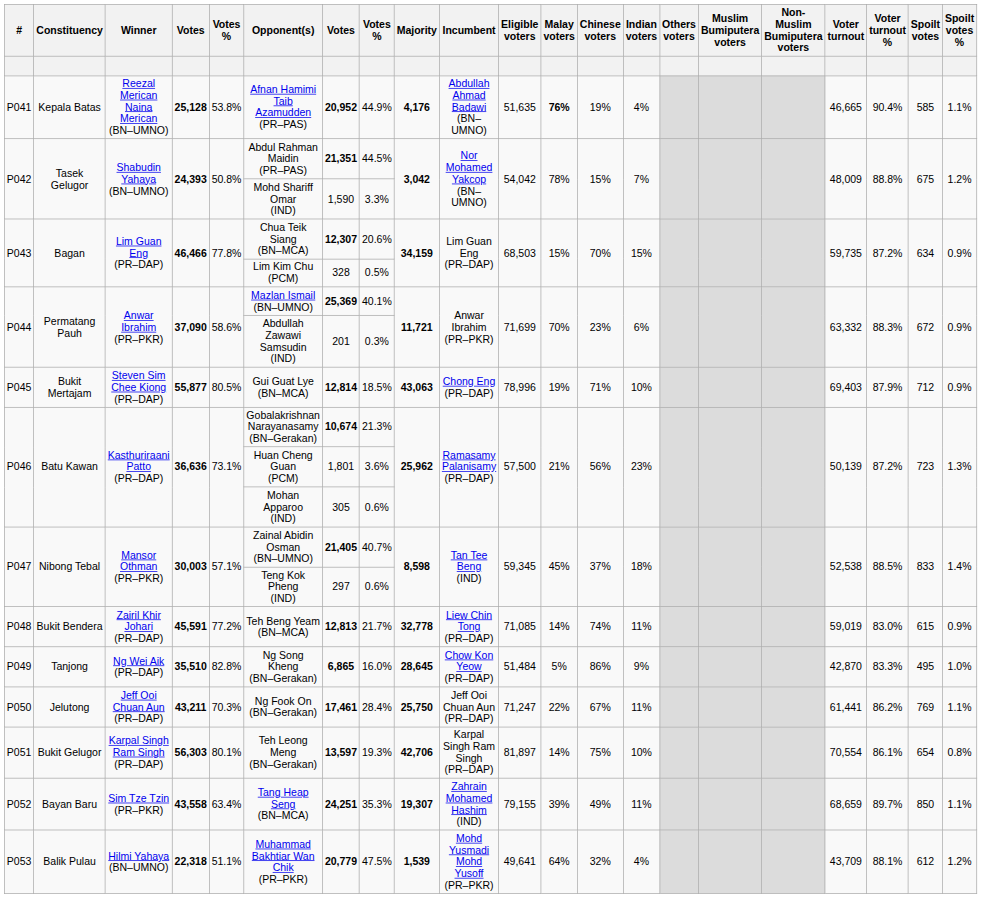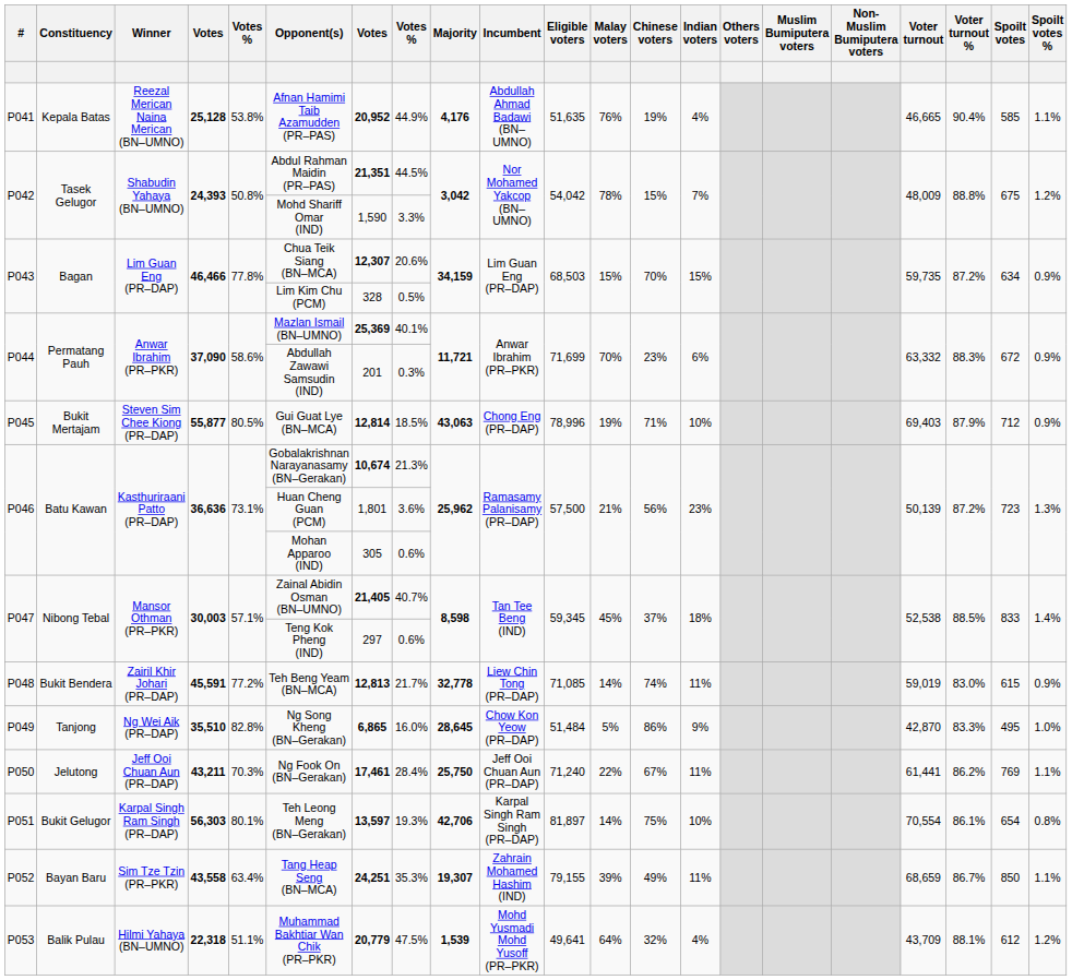 <table class="wikitable sortable" style="text-align:center; font-size:90%">
 <tr>
 <th width="30">#</th>
 <th width="60">Constituency</th>
 <th width="150">Winner</th>
 <th width="50">Votes</th>
 <th width="50">Votes %</th>
 <th width="150">Opponent(s)</th>
 <th width="50">Votes</th>
 <th width="50">Votes %</th>
 <th width="50">Majority</th>
 <th width="150">Incumbent</th>
 <th width="50">Eligible voters</th>
 <th width="50">Malay voters</th>
 <th width="50">Chinese voters</th>
 <th width="50">Indian voters</th>
 <th width="50">Others voters</th>
 <th width="50">Muslim Bumiputera voters</th>
 <th width="50">Non-Muslim Bumiputera voters</th>
 <th width="50">Voter turnout</th>
 <th width="50">Voter turnout %</th>
 <th width="50">Spoilt votes</th>
 <th width="50">Spoilt votes %</th>
 </tr>
 <tr>
 <th height="20"></th>
 <th></th>
 <th></th>
 <th></th>
 <th></th>
 <th></th>
 <th></th>
 <th></th>
 <th></th>
 <th></th>
 <th></th>
 <th></th>
 <th></th>
 <th></th>
 <th></th>
 <th></th>
 <th></th>
 <th></th>
 <th></th>
 <th></th>
 <th></th>
 </tr>
 <tr>
 <td>P041</td>
 <td>Kepala Batas</td>
 <td><a href='#'>Reezal Merican Naina Merican</a><br>(BN–UMNO)</td>
 <td><strong>25,128</strong></td>
 <td>53.8%</td>
 <td><a href='#'>Afnan Hamimi Taib Azamudden</a><br>(PR–PAS)</td>
 <td><strong>20,952</strong></td>
 <td>44.9%</td>
 <td><strong>4,176</strong></td>
 <td><a href='#'>Abdullah Ahmad Badawi</a><br>(BN–UMNO)</td>
 <td>51,635</td>
-<td><strong>76%</strong></td>
+<td>76%</td>
 <td>19%</td>
 <td>4%</td>
 <td bgcolor="dcdcdc"></td>
 <td bgcolor="dcdcdc"></td>
 <td bgcolor="dcdcdc"></td>
 <td>46,665</td>
 <td>90.4%</td>
 <td>585</td>
 <td>1.1%</td>
 </tr>
 <tr>
 <td rowspan="2">P042</td>
 <td rowspan="2">Tasek Gelugor</td>
 <td rowspan="2"><a href='#'>Shabudin Yahaya</a><br>(BN–UMNO)</td>
 <td rowspan="2"><strong>24,393</strong></td>
 <td rowspan="2">50.8%</td>
 <td>Abdul Rahman Maidin<br>(PR–PAS)</td>
 <td><strong>21,351</strong></td>
 <td>44.5%</td>
 <td rowspan="2"><strong>3,042</strong></td>
 <td rowspan="2"><a href='#'>Nor Mohamed Yakcop</a><br>(BN–UMNO)</td>
 <td rowspan="2">54,042</td>
 <td rowspan="2">78%</td>
 <td rowspan="2">15%</td>
 <td rowspan="2">7%</td>
 <td rowspan="2" bgcolor="dcdcdc"></td>
 <td rowspan="2" bgcolor="dcdcdc"></td>
 <td rowspan="2" bgcolor="dcdcdc"></td>
 <td rowspan="2">48,009</td>
 <td rowspan="2">88.8%</td>
 <td rowspan="2">675</td>
 <td rowspan="2">1.2%</td>
 </tr>
 <tr>
 <td>Mohd Shariff Omar<br>(IND)</td>
 <td>1,590</td>
 <td>3.3%</td>
 </tr>
 <tr>
 <td rowspan="2">P043</td>
 <td rowspan="2">Bagan</td>
 <td rowspan="2"><a href='#'>Lim Guan Eng</a><br>(PR–DAP)</td>
 <td rowspan="2"><strong>46,466</strong></td>
 <td rowspan="2">77.8%</td>
 <td>Chua Teik Siang<br>(BN–MCA)</td>
 <td><strong>12,307</strong></td>
 <td>20.6%</td>
 <td rowspan="2"><strong>34,159</strong></td>
 <td rowspan="2">Lim Guan Eng<br>(PR–DAP)</td>
 <td rowspan="2">68,503</td>
 <td rowspan="2">15%</td>
 <td rowspan="2">70%</td>
 <td rowspan="2">15%</td>
 <td rowspan="2" bgcolor="dcdcdc"></td>
 <td rowspan="2" bgcolor="dcdcdc"></td>
 <td rowspan="2" bgcolor="dcdcdc"></td>
 <td rowspan="2">59,735</td>
 <td rowspan="2">87.2%</td>
 <td rowspan="2">634</td>
 <td rowspan="2">0.9%</td>
 </tr>
 <tr>
 <td>Lim Kim Chu<br>(PCM)</td>
 <td>328</td>
 <td>0.5%</td>
 </tr>
 <tr>
 <td rowspan="2">P044</td>
 <td rowspan="2">Permatang Pauh</td>
 <td rowspan="2"><a href='#'>Anwar Ibrahim</a><br>(PR–PKR)</td>
 <td rowspan="2"><strong>37,090</strong></td>
 <td rowspan="2">58.6%</td>
 <td><a href='#'>Mazlan Ismail</a><br>(BN–UMNO)</td>
 <td><strong>25,369</strong></td>
 <td>40.1%</td>
 <td rowspan="2"><strong>11,721</strong></td>
 <td rowspan="2">Anwar Ibrahim<br>(PR–PKR)</td>
 <td rowspan="2">71,699</td>
 <td rowspan="2">70%</td>
 <td rowspan="2">23%</td>
 <td rowspan="2">6%</td>
 <td rowspan="2" bgcolor="dcdcdc"></td>
 <td rowspan="2" bgcolor="dcdcdc"></td>
 <td rowspan="2" bgcolor="dcdcdc"></td>
 <td rowspan="2">63,332</td>
 <td rowspan="2">88.3%</td>
 <td rowspan="2">672</td>
 <td rowspan="2">0.9%</td>
 </tr>
 <tr>
 <td>Abdullah Zawawi Samsudin<br>(IND)</td>
 <td>201</td>
 <td>0.3%</td>
 </tr>
 <tr>
 <td>P045</td>
 <td>Bukit Mertajam</td>
 <td><a href='#'>Steven Sim Chee Kiong</a><br>(PR–DAP)</td>
 <td><strong>55,877</strong></td>
 <td>80.5%</td>
 <td>Gui Guat Lye<br>(BN–MCA)</td>
 <td><strong>12,814</strong></td>
 <td>18.5%</td>
 <td><strong>43,063</strong></td>
 <td><a href='#'>Chong Eng</a><br>(PR–DAP)</td>
 <td>78,996</td>
 <td>19%</td>
 <td>71%</td>
 <td>10%</td>
 <td bgcolor="dcdcdc"></td>
 <td bgcolor="dcdcdc"></td>
 <td bgcolor="dcdcdc"></td>
 <td>69,403</td>
 <td>87.9%</td>
 <td>712</td>
 <td>0.9%</td>
 </tr>
 <tr>
 <td rowspan="3">P046</td>
 <td rowspan="3">Batu Kawan</td>
 <td rowspan="3"><a href='#'>Kasthuriraani Patto</a><br>(PR–DAP)</td>
 <td rowspan="3"><strong>36,636</strong></td>
 <td rowspan="3">73.1%</td>
 <td>Gobalakrishnan Narayanasamy<br>(BN–Gerakan)</td>
 <td><strong>10,674</strong></td>
 <td>21.3%</td>
 <td rowspan="3"><strong>25,962</strong></td>
 <td rowspan="3"><a href='#'>Ramasamy Palanisamy</a><br>(PR–DAP)</td>
 <td rowspan="3">57,500</td>
 <td rowspan="3">21%</td>
 <td rowspan="3">56%</td>
 <td rowspan="3">23%</td>
 <td rowspan="3" bgcolor="dcdcdc"></td>
 <td rowspan="3" bgcolor="dcdcdc"></td>
 <td rowspan="3" bgcolor="dcdcdc"></td>
 <td rowspan="3">50,139</td>
 <td rowspan="3">87.2%</td>
 <td rowspan="3">723</td>
 <td rowspan="3">1.3%</td>
 </tr>
 <tr>
 <td>Huan Cheng Guan<br>(PCM)</td>
 <td>1,801</td>
 <td>3.6%</td>
 </tr>
 <tr>
 <td>Mohan Apparoo<br>(IND)</td>
 <td>305</td>
 <td>0.6%</td>
 </tr>
 <tr>
 <td rowspan="2">P047</td>
 <td rowspan="2">Nibong Tebal</td>
 <td rowspan="2"><a href='#'>Mansor Othman</a><br>(PR–PKR)</td>
 <td rowspan="2"><strong>30,003</strong></td>
 <td rowspan="2">57.1%</td>
 <td>Zainal Abidin Osman<br>(BN–UMNO)</td>
 <td><strong>21,405</strong></td>
 <td>40.7%</td>
 <td rowspan="2"><strong>8,598</strong></td>
 <td rowspan="2"><a href='#'>Tan Tee Beng</a><br>(IND)</td>
 <td rowspan="2">59,345</td>
 <td rowspan="2">45%</td>
 <td rowspan="2">37%</td>
 <td rowspan="2">18%</td>
 <td rowspan="2" bgcolor="dcdcdc"></td>
 <td rowspan="2" bgcolor="dcdcdc"></td>
 <td rowspan="2" bgcolor="dcdcdc"></td>
 <td rowspan="2">52,538</td>
 <td rowspan="2">88.5%</td>
 <td rowspan="2">833</td>
 <td rowspan="2">1.4%</td>
 </tr>
 <tr>
 <td>Teng Kok Pheng<br>(IND)</td>
 <td>297</td>
 <td>0.6%</td>
 </tr>
 <tr>
 <td>P048</td>
 <td>Bukit Bendera</td>
 <td><a href='#'>Zairil Khir Johari</a><br>(PR–DAP)</td>
 <td><strong>45,591</strong></td>
 <td>77.2%</td>
 <td>Teh Beng Yeam<br>(BN–MCA)</td>
 <td><strong>12,813</strong></td>
 <td>21.7%</td>
 <td><strong>32,778</strong></td>
 <td><a href='#'>Liew Chin Tong</a><br>(PR–DAP)</td>
 <td>71,085</td>
 <td>14%</td>
 <td>74%</td>
 <td>11%</td>
 <td bgcolor="dcdcdc"></td>
 <td bgcolor="dcdcdc"></td>
 <td bgcolor="dcdcdc"></td>
 <td>59,019</td>
 <td>83.0%</td>
 <td>615</td>
 <td>0.9%</td>
 </tr>
 <tr>
 <td>P049</td>
 <td>Tanjong</td>
 <td><a href='#'>Ng Wei Aik</a><br>(PR–DAP)</td>
 <td><strong>35,510</strong></td>
 <td>82.8%</td>
 <td>Ng Song Kheng<br>(BN–Gerakan)</td>
 <td><strong>6,865</strong></td>
 <td>16.0%</td>
 <td><strong>28,645</strong></td>
 <td><a href='#'>Chow Kon Yeow</a><br>(PR–DAP)</td>
 <td>51,484</td>
 <td>5%</td>
 <td>86%</td>
 <td>9%</td>
 <td bgcolor="dcdcdc"></td>
 <td bgcolor="dcdcdc"></td>
 <td bgcolor="dcdcdc"></td>
 <td>42,870</td>
 <td>83.3%</td>
 <td>495</td>
 <td>1.0%</td>
 </tr>
 <tr>
 <td>P050</td>
 <td>Jelutong</td>
 <td><a href='#'>Jeff Ooi Chuan Aun</a><br>(PR–DAP)</td>
 <td><strong>43,211</strong></td>
 <td>70.3%</td>
 <td>Ng Fook On<br>(BN–Gerakan)</td>
 <td><strong>17,461</strong></td>
 <td>28.4%</td>
 <td><strong>25,750</strong></td>
 <td>Jeff Ooi Chuan Aun<br>(PR–DAP)</td>
-<td>71,247</td>
+<td>71,240</td>
 <td>22%</td>
 <td>67%</td>
 <td>11%</td>
 <td bgcolor="dcdcdc"></td>
 <td bgcolor="dcdcdc"></td>
 <td bgcolor="dcdcdc"></td>
 <td>61,441</td>
 <td>86.2%</td>
 <td>769</td>
 <td>1.1%</td>
 </tr>
 <tr>
 <td>P051</td>
 <td>Bukit Gelugor</td>
 <td><a href='#'>Karpal Singh Ram Singh</a><br>(PR–DAP)</td>
 <td><strong>56,303</strong></td>
 <td>80.1%</td>
 <td>Teh Leong Meng<br>(BN–Gerakan)</td>
 <td><strong>13,597</strong></td>
 <td>19.3%</td>
 <td><strong>42,706</strong></td>
 <td>Karpal Singh Ram Singh<br>(PR–DAP)</td>
 <td>81,897</td>
 <td>14%</td>
 <td>75%</td>
 <td>10%</td>
 <td bgcolor="dcdcdc"></td>
 <td bgcolor="dcdcdc"></td>
 <td bgcolor="dcdcdc"></td>
 <td>70,554</td>
 <td>86.1%</td>
 <td>654</td>
 <td>0.8%</td>
 </tr>
 <tr>
 <td>P052</td>
 <td>Bayan Baru</td>
 <td><a href='#'>Sim Tze Tzin</a><br>(PR–PKR)</td>
 <td><strong>43,558</strong></td>
 <td>63.4%</td>
 <td><a href='#'>Tang Heap Seng</a><br>(BN–MCA)</td>
 <td><strong>24,251</strong></td>
 <td>35.3%</td>
 <td><strong>19,307</strong></td>
 <td><a href='#'>Zahrain Mohamed Hashim</a><br>(IND)</td>
 <td>79,155</td>
 <td>39%</td>
 <td>49%</td>
 <td>11%</td>
 <td bgcolor="dcdcdc"></td>
 <td bgcolor="dcdcdc"></td>
 <td bgcolor="dcdcdc"></td>
 <td>68,659</td>
-<td>89.7%</td>
+<td>86.7%</td>
 <td>850</td>
 <td>1.1%</td>
 </tr>
 <tr>
 <td>P053</td>
 <td>Balik Pulau</td>
 <td><a href='#'>Hilmi Yahaya</a><br>(BN–UMNO)</td>
 <td><strong>22,318</strong></td>
 <td>51.1%</td>
 <td><a href='#'>Muhammad Bakhtiar Wan Chik</a><br>(PR–PKR)</td>
 <td><strong>20,779</strong></td>
 <td>47.5%</td>
 <td><strong>1,539</strong></td>
 <td><a href='#'>Mohd Yusmadi Mohd Yusoff</a><br>(PR–PKR)</td>
 <td>49,641</td>
 <td>64%</td>
 <td>32%</td>
 <td>4%</td>
 <td bgcolor="dcdcdc"></td>
 <td bgcolor="dcdcdc"></td>
 <td bgcolor="dcdcdc"></td>
 <td>43,709</td>
 <td>88.1%</td>
 <td>612</td>
 <td>1.2%</td>
 </tr>
 </table>
